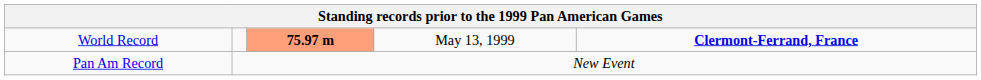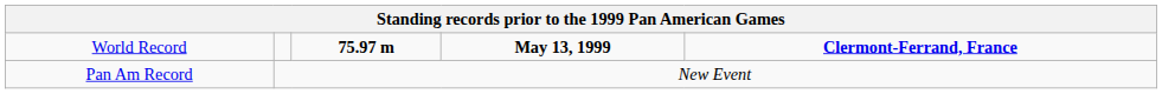 <table class="wikitable" style=" text-align:center; font-size:110%;" width="95%">
 <tr>
 <th colspan="5">Standing records prior to the 1999 Pan American Games</th>
 </tr>
 <tr>
 <td><a href='#'>World Record</a></td>
 <td></td>
-<td style="background: lightsalmon;"><strong>75.97 m </strong></td>
-<td>May 13, 1999</td>
+<td><strong>75.97 m </strong></td>
+<td><strong>May 13, 1999</strong></td>
 <td><strong> <a href='#'>Clermont-Ferrand, France</a></strong></td>
 </tr>
 <tr>
 <td><a href='#'>Pan Am Record</a></td>
 <td colspan=4><em>New Event</em></td>
 </tr>
 </table>
